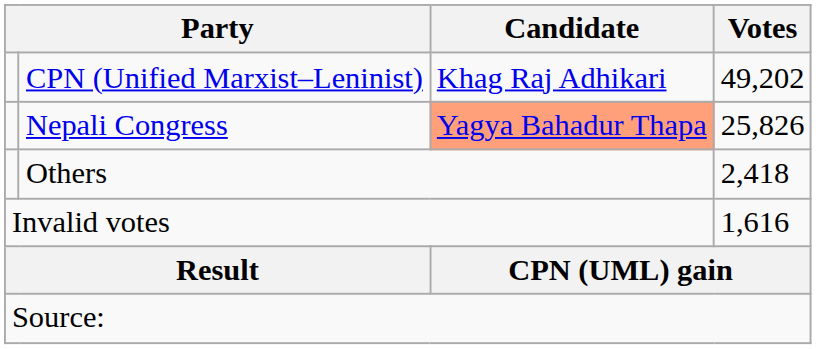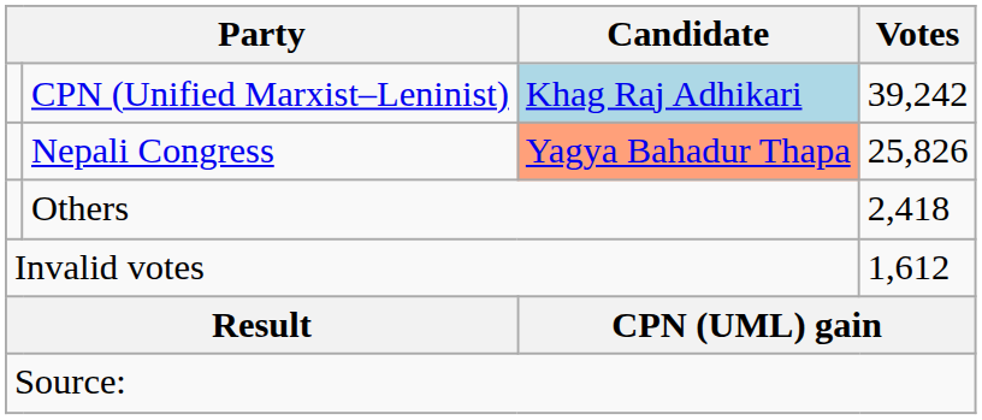 <table class="wikitable">
 <tr>
 <th colspan="2">Party</th>
 <th>Candidate</th>
 <th>Votes</th>
 </tr>
 <tr>
 <td style="background-color:"></td>
 <td><a href='#'>CPN (Unified Marxist–Leninist)</a></td>
-<td><a href='#'>Khag Raj Adhikari</a></td>
-<td>49,202</td>
+<td style="background: lightblue;"><a href='#'>Khag Raj Adhikari</a></td>
+<td>39,242</td>
 </tr>
 <tr>
 <td style="background-color:"></td>
 <td><a href='#'>Nepali Congress</a></td>
 <td style="background: lightsalmon;"><a href='#'>Yagya Bahadur Thapa</a></td>
 <td>25,826</td>
 </tr>
 <tr>
 <td></td>
 <td colspan="2">Others</td>
 <td>2,418</td>
 </tr>
 <tr>
 <td colspan="3">Invalid votes</td>
-<td>1,616</td>
+<td>1,612</td>
 </tr>
 <tr>
 <th colspan="2">Result</th>
 <th colspan="2">CPN (UML) gain</th>
 </tr>
 <tr>
 <td colspan="4">Source: </td>
 </tr>
 </table>
